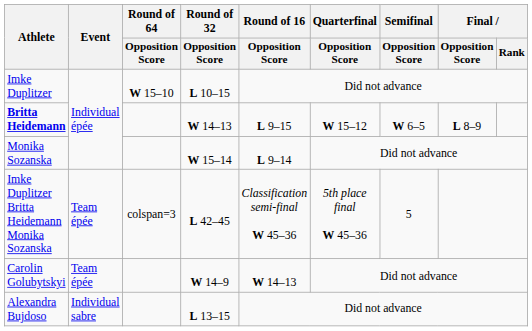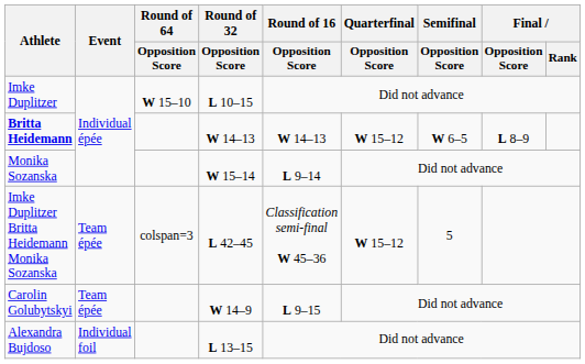 <table class="wikitable" style="font-size:90%">
 <tr>
 <th rowspan=2>Athlete</th>
 <th rowspan=2>Event</th>
 <th>Round of 64</th>
 <th>Round of 32</th>
 <th>Round of 16</th>
 <th>Quarterfinal</th>
 <th>Semifinal</th>
 <th colspan=2>Final / </th>
 </tr>
 <tr style="font-size:95%">
 <th>Opposition <br> Score</th>
 <th>Opposition <br> Score</th>
 <th>Opposition <br> Score</th>
 <th>Opposition <br> Score</th>
 <th>Opposition <br> Score</th>
 <th>Opposition <br> Score</th>
 <th>Rank</th>
 </tr>
 <tr align=center>
 <td align=left><a href='#'>Imke Duplitzer</a></td>
 <td align=left rowspan=3><a href='#'>Individual épée</a></td>
 <td><br><strong>W</strong> 15–10</td>
 <td><br><strong>L</strong> 10–15</td>
 <td colspan=5>Did not advance</td>
 </tr>
 <tr align=center>
 <td align=left><strong><a href='#'>Britta Heidemann</a></strong></td>
 <td></td>
 <td><br><strong>W</strong> 14–13</td>
-<td><br><strong>L</strong> 9–15</td>
+<td><br><strong>W</strong> 14–13</td>
 <td><br><strong>W</strong> 15–12</td>
 <td><br><strong>W</strong> 6–5</td>
 <td><br><strong>L</strong> 8–9</td>
 <td></td>
 </tr>
 <tr align=center>
 <td align=left><a href='#'>Monika Sozanska</a></td>
 <td></td>
 <td><br><strong>W</strong> 15–14</td>
 <td><br><strong>L</strong> 9–14</td>
 <td colspan=4>Did not advance</td>
 </tr>
 <tr align=center>
 <td align=left><a href='#'>Imke Duplitzer</a><br><a href='#'>Britta Heidemann</a><br><a href='#'>Monika Sozanska</a></td>
 <td align=left><a href='#'>Team épée</a></td>
 <td>colspan=3 </td>
 <td><br><strong>L</strong> 42–45</td>
 <td><em>Classification semi-final</em><br><br><strong>W</strong> 45–36</td>
-<td><em>5th place final</em><br><br><strong>W</strong> 45–36</td>
+<td><br><strong>W</strong> 15–12</td>
 <td>5</td>
 </tr>
 <tr align=center>
 <td align=left><a href='#'>Carolin Golubytskyi</a></td>
 <td align=left><a href='#'>Team épée</a></td>
 <td></td>
 <td><br><strong>W</strong> 14–9</td>
-<td><br><strong>W</strong> 14–13</td>
+<td><br><strong>L</strong> 9–15</td>
 <td colspan=4>Did not advance</td>
 </tr>
 <tr align=center>
 <td align=left><a href='#'>Alexandra Bujdoso</a></td>
-<td align=left><a href='#'>Individual sabre</a></td>
+<td align=left><a href='#'>Individual foil</a></td>
 <td></td>
 <td><br><strong>L</strong> 13–15</td>
 <td colspan=5>Did not advance</td>
 </tr>
 </table>
